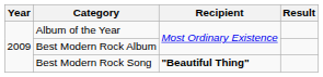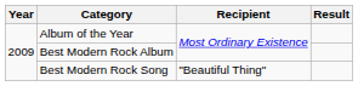 <table class="wikitable">
 <tr>
 <th>Year</th>
 <th>Category</th>
 <th>Recipient</th>
 <th>Result</th>
 </tr>
 <tr>
 <td rowspan="3">2009</td>
 <td>Album of the Year</td>
 <td rowspan="2"><em><a href='#'>Most Ordinary Existence</a></em></td>
 <td></td>
 </tr>
 <tr>
 <td>Best Modern Rock Album</td>
 <td></td>
 </tr>
 <tr>
 <td>Best Modern Rock Song</td>
-<td><strong>"Beautiful Thing"</strong></td>
+<td>"Beautiful Thing"</td>
 <td></td>
 </tr>
 </table>
